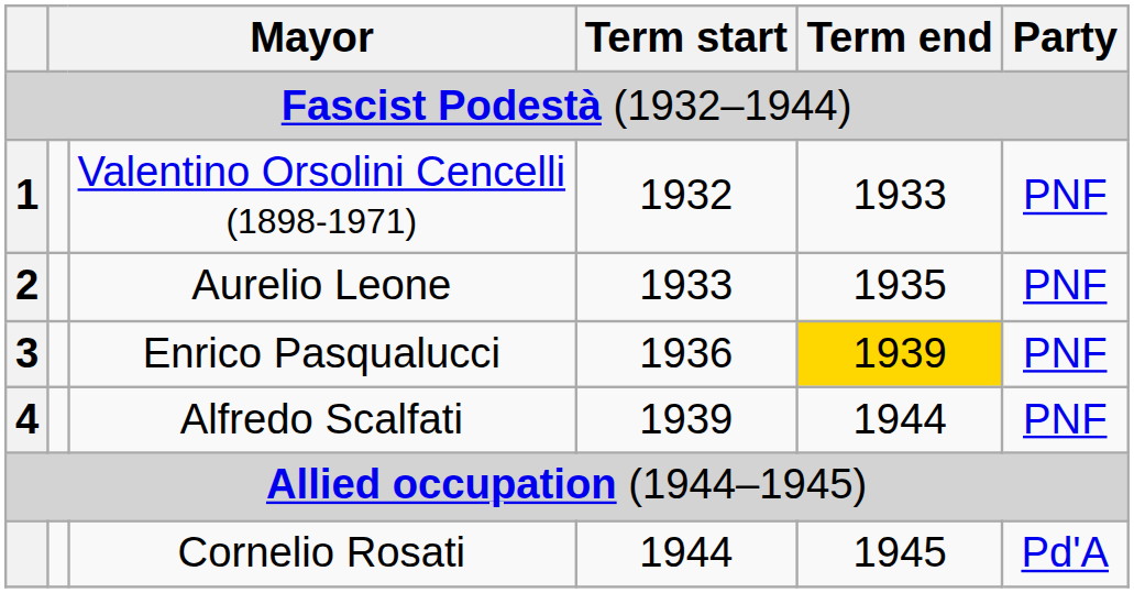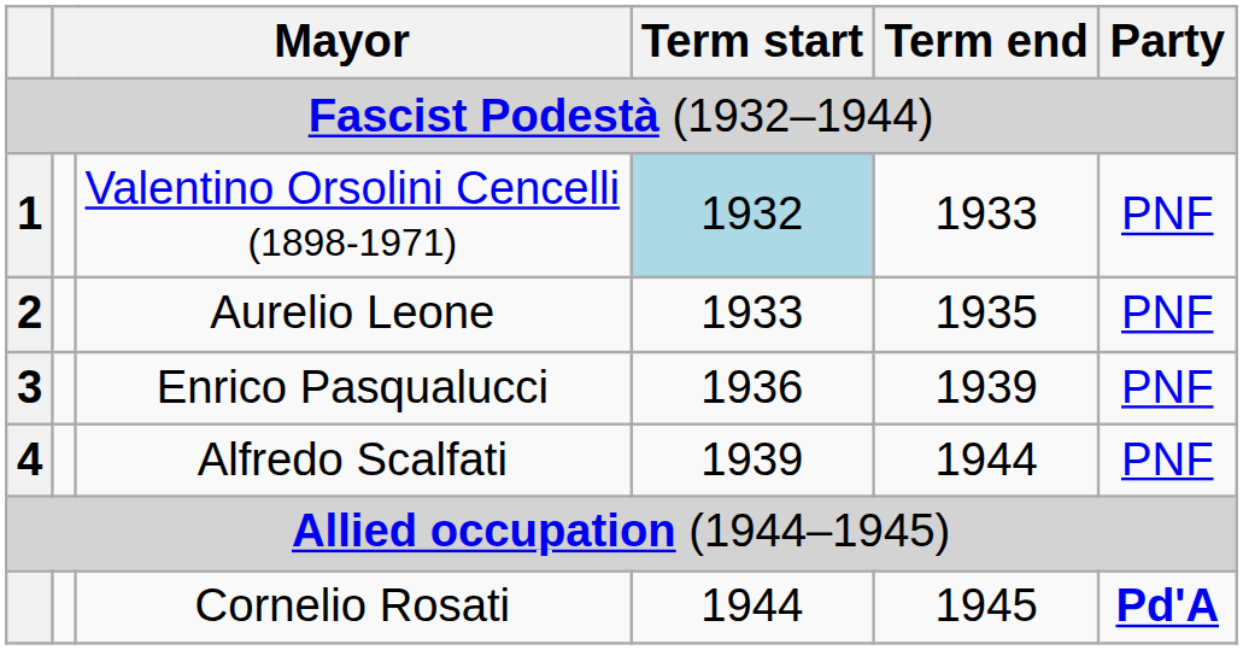 <table class="wikitable" style="text-align: center;">
 <tr>
 <th class=unsortable> </th>
 <th colspan=2>Mayor</th>
 <th>Term start</th>
 <th>Term end</th>
 <th>Party</th>
 </tr>
 <tr>
 <td colspan="8" bgcolor="lightgrey" align=center><strong><a href='#'>Fascist Podestà</a></strong> (1932–1944)</td>
 </tr>
 <tr>
 <th rowspan=1 style="background:">1</th>
 <td></td>
 <td><a href='#'>Valentino Orsolini Cencelli</a> <br><small>(1898-1971)</small></td>
-<td align=center>1932</td>
+<td align=center style="background: lightblue;">1932</td>
 <td align=center>1933</td>
 <td><a href='#'>PNF</a></td>
 </tr>
 <tr>
 <th rowspan=1 style="background:">2</th>
 <td></td>
 <td>Aurelio Leone</td>
 <td align=center>1933</td>
 <td align=center>1935</td>
 <td><a href='#'>PNF</a></td>
 </tr>
 <tr>
 <th rowspan=1 style="background:">3</th>
 <td></td>
 <td>Enrico Pasqualucci</td>
 <td align=center>1936</td>
-<td align=center style="background: gold;">1939</td>
+<td align=center>1939</td>
 <td><a href='#'>PNF</a></td>
 </tr>
 <tr>
 <th rowspan=1 style="background:">4</th>
 <td></td>
 <td>Alfredo Scalfati</td>
 <td align=center>1939</td>
 <td align=center>1944</td>
 <td><a href='#'>PNF</a></td>
 </tr>
 <tr>
 <td colspan="8" bgcolor="lightgrey" align=center><strong><a href='#'>Allied occupation</a></strong> (1944–1945)</td>
 </tr>
 <tr>
 <th rowspan=1 style="background:"></th>
 <td></td>
 <td>Cornelio Rosati</td>
 <td align=center>1944</td>
 <td align=center>1945</td>
-<td><a href='#'>Pd'A</a></td>
+<td><strong><a href='#'>Pd'A</a></strong></td>
 </tr>
 </table>
